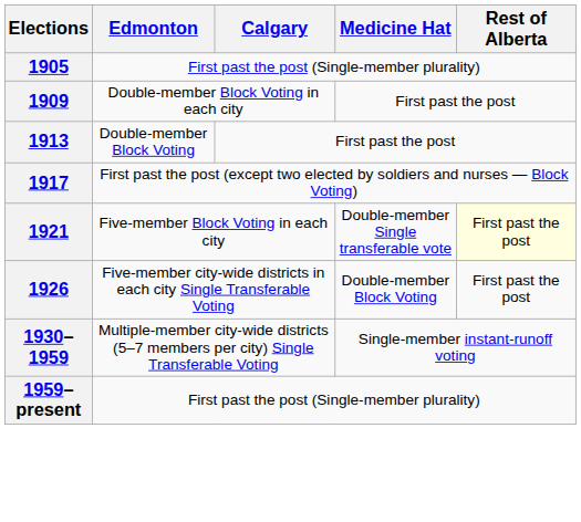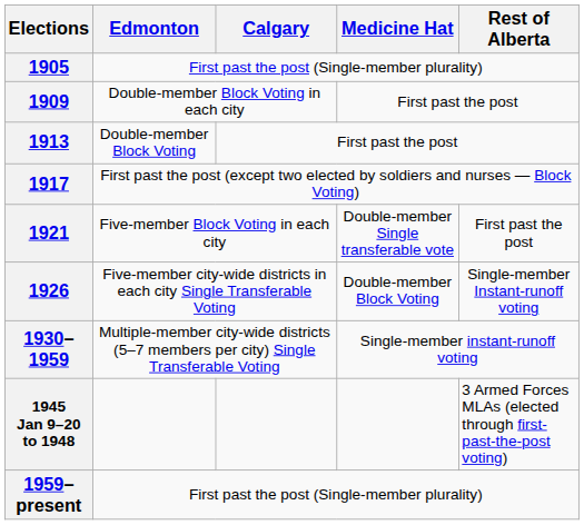 <table class="wikitable sortable mw-collapsible">
 <tr>
 <th><strong><big>Elections</big></strong></th>
 <th width="22%"><a href='#'><big>Edmonton</big></a></th>
 <th width="22%"><a href='#'><big>Calgary</big></a></th>
 <th width="22%"><a href='#'><big>Medicine Hat</big></a></th>
 <th width="22%"><big>Rest of Alberta</big></th>
 </tr>
 <tr>
 <th align="center"><a href='#'><big>1905</big></a></th>
 <td colspan="4" align="center"><a href='#'>First past the post</a> (Single-member plurality)</td>
 </tr>
 <tr>
 <th align="center"><a href='#'><big>1909</big></a></th>
 <td colspan="2" align="center">Double-member <a href='#'>Block Voting</a> in each city</td>
 <td colspan="2" align="center">First past the post</td>
 </tr>
 <tr>
 <th align="center"><a href='#'><big>1913</big></a></th>
 <td align="center">Double-member <a href='#'>Block Voting</a></td>
 <td colspan="3" align="center">First past the post</td>
 </tr>
 <tr>
 <th align="center"><a href='#'><big>1917</big></a></th>
 <td colspan="4" align="center">First past the post (except two elected by soldiers and nurses — <a href='#'>Block Voting</a>)</td>
 </tr>
 <tr>
 <th align="center"><a href='#'><big>1921</big></a></th>
 <td colspan="2" align="center">Five-member <a href='#'>Block Voting</a> in each city</td>
 <td align="center">Double-member <a href='#'>Single transferable vote</a></td>
-<td align="center" style="background: lightyellow;">First past the post</td>
+<td align="center">First past the post</td>
 </tr>
 <tr>
 <th align="center"><a href='#'><big>1926</big></a></th>
 <td colspan="2" align="center">Five-member city-wide districts in each city   <a href='#'>Single Transferable Voting</a></td>
 <td align="center">Double-member <a href='#'>Block Voting</a></td>
-<td align="center">First past the post</td>
+<td align="center">Single-member <a href='#'>Instant-runoff voting</a></td>
 </tr>
 <tr>
 <th align="center"><big><a href='#'>1930</a>–<a href='#'>1959</a></big></th>
 <td colspan="2" align="center">Multiple-member city-wide districts<br>(5–7 members per city)  <a href='#'>Single Transferable Voting</a></td>
 <td colspan="2" align="center">Single-member <a href='#'>instant-runoff voting</a></td>
 </tr>
 <tr>
+<th>1945<br>Jan 9–20<br>to 1948</th>
+<td></td>
+<td></td>
+<td></td>
+<td>3 Armed Forces MLAs (elected through <a href='#'>first-past-the-post voting</a>)</td>
+</tr>
+<tr>
 <th align="center"><big><a href='#'>1959</a>–present</big></th>
 <td colspan="4" align="center">First past the post (Single-member plurality)</td>
 </tr>
 </table>
